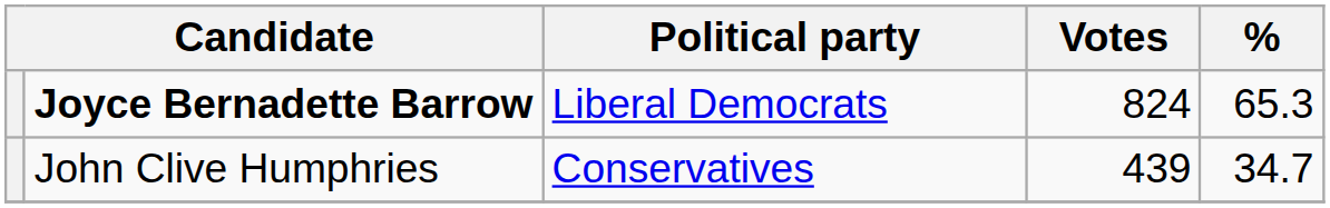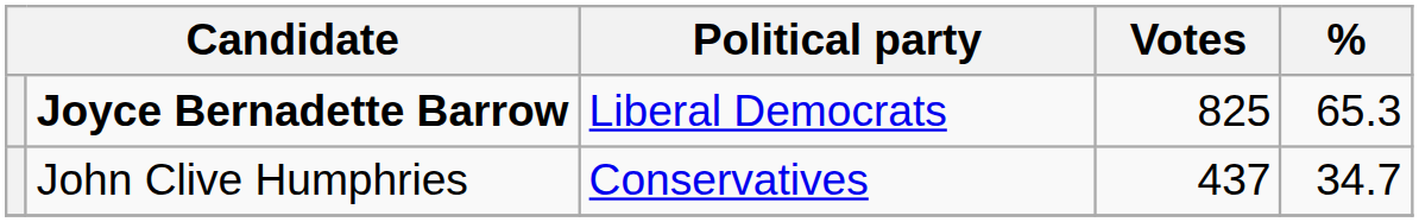 <table class="wikitable">
 <tr>
 <th valign=top colspan="2" style="width: 180px">Candidate</th>
 <th valign=top style="width: 180px">Political party</th>
 <th valign=top style="width: 60px">Votes</th>
 <th valign=top style="width: 40px">%</th>
 </tr>
 <tr>
 <th style="background-color: "></th>
 <td><strong>Joyce Bernadette Barrow</strong></td>
 <td><a href='#'>Liberal Democrats</a></td>
-<td align="right">824</td>
+<td align="right">825</td>
 <td align="right">65.3</td>
 </tr>
 <tr>
 <th style="background-color: "></th>
 <td>John Clive Humphries</td>
 <td><a href='#'>Conservatives</a></td>
-<td align="right">439</td>
+<td align="right">437</td>
 <td align="right">34.7</td>
 </tr>
 <tr>
 </tr>
 </table>
